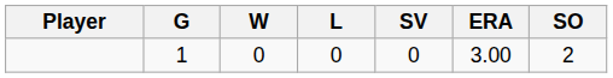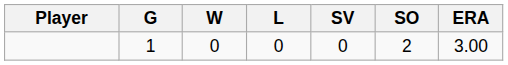 <table class="wikitable sortable">
 <tr>
 <th bgcolor="#DDDDFF" width="16%">Player</th>
 <th bgcolor="#DDDDFF" width="9%">G</th>
 <th bgcolor="#DDDDFF" width="9%">W</th>
 <th bgcolor="#DDDDFF" width="9%">L</th>
 <th bgcolor="#DDDDFF" width="9%">SV</th>
+<th bgcolor="#DDDDFF" width="9%">SO</th>
 <th bgcolor="#DDDDFF" width="9%">ERA</th>
-<th bgcolor="#DDDDFF" width="9%">SO</th>
 </tr>
 <tr align="center">
 <td></td>
 <td>1</td>
 <td>0</td>
 <td>0</td>
 <td>0</td>
+<td>2</td>
 <td>3.00</td>
-<td>2</td>
 </tr>
 </table>
